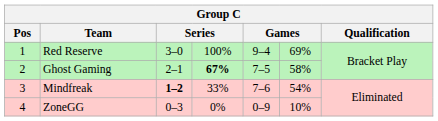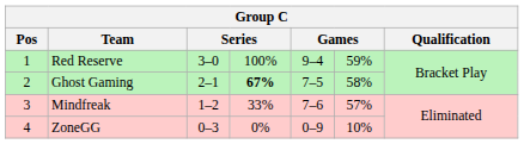 <table class="wikitable" style="display: inline-table;width: 46.5%;">
 <tr>
 <th colspan="7">Group C</th>
 </tr>
 <tr>
 <th>Pos</th>
 <th>Team</th>
 <th colspan="2">Series</th>
 <th colspan="2">Games</th>
 <th>Qualification</th>
 </tr>
 <tr>
 <td style="text-align:center; background:#BBF3BB;">1</td>
 <td style="text-align:left; background:#BBF3BB;">Red Reserve</td>
 <td style="text-align:center; background:#BBF3BB;">3–0</td>
 <td style="text-align:center; background:#BBF3BB;">100%</td>
 <td style="text-align:center; background:#BBF3BB;">9–4</td>
-<td style="text-align:center; background:#BBF3BB;">69%</td>
+<td style="text-align:center; background:#BBF3BB;">59%</td>
 <td style="text-align:center; background:#BBF3BB;" rowspan="2">Bracket Play</td>
 </tr>
 <tr>
 <td style="text-align:center; background:#BBF3BB;">2</td>
 <td style="text-align:left; background:#BBF3BB;">Ghost Gaming</td>
 <td style="text-align:center; background:#BBF3BB;">2–1</td>
 <td style="text-align:center; background:#BBF3BB;"><strong>67%</strong></td>
 <td style="text-align:center; background:#BBF3BB;">7–5</td>
 <td style="text-align:center; background:#BBF3BB;">58%</td>
 </tr>
 <tr>
 <td style="text-align:center; background:#FFCCCC;">3</td>
 <td style="text-align:left; background:#FFCCCC;">Mindfreak</td>
-<td style="text-align:center; background:#FFCCCC;"><strong>1–2</strong></td>
+<td style="text-align:center; background:#FFCCCC;">1–2</td>
 <td style="text-align:center; background:#FFCCCC;">33%</td>
 <td style="text-align:center; background:#FFCCCC;">7–6</td>
-<td style="text-align:center; background:#FFCCCC;">54%</td>
+<td style="text-align:center; background:#FFCCCC;">57%</td>
 <td style="text-align:center; background:#FFCCCC;" rowspan="2">Eliminated</td>
 </tr>
 <tr>
 <td style="text-align:center; background:#FFCCCC;">4</td>
 <td style="text-align:left; background:#FFCCCC;">ZoneGG</td>
 <td style="text-align:center; background:#FFCCCC;">0–3</td>
 <td style="text-align:center; background:#FFCCCC;">0%</td>
 <td style="text-align:center; background:#FFCCCC;">0–9</td>
 <td style="text-align:center; background:#FFCCCC;">10%</td>
 </tr>
 </table>
